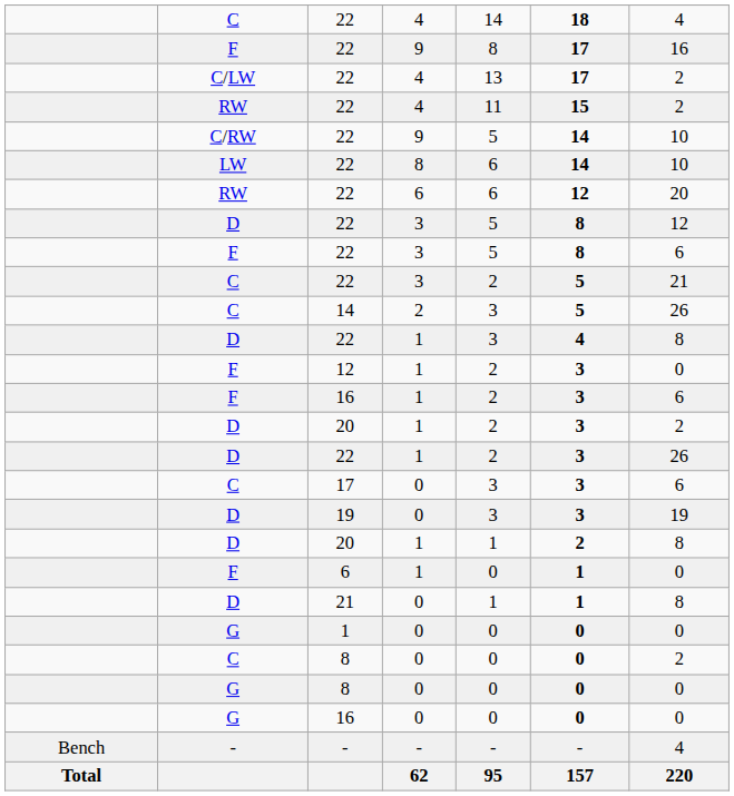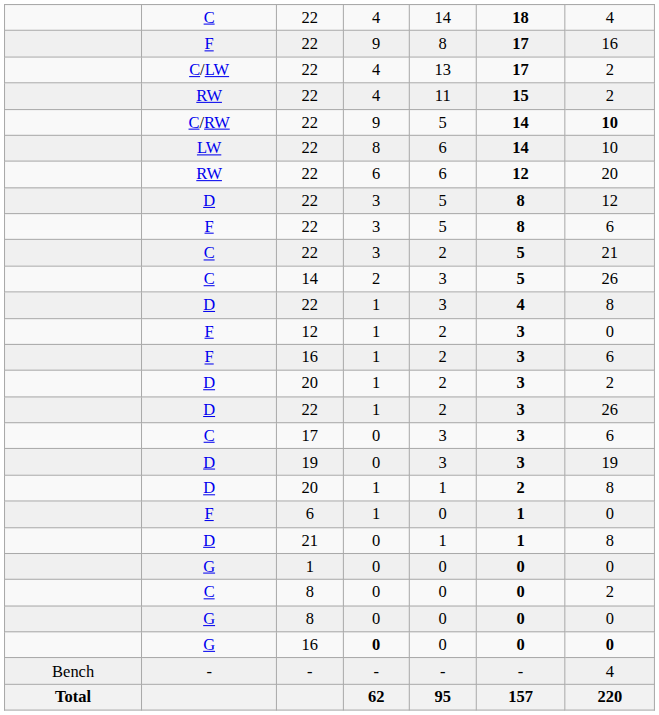 <table class="wikitable sortable" width ="50%">
 <tr align="center">
 </tr>
 <tr align="center" bgcolor="">
 <td></td>
 <td><a href='#'>C</a></td>
 <td>22</td>
 <td>4</td>
 <td>14</td>
 <td><strong>18</strong></td>
 <td>4</td>
 </tr>
 <tr align="center" bgcolor="f0f0f0">
 <td></td>
 <td><a href='#'>F</a></td>
 <td>22</td>
 <td>9</td>
 <td>8</td>
 <td><strong>17</strong></td>
 <td>16</td>
 </tr>
 <tr align="center" bgcolor="">
 <td></td>
 <td><a href='#'>C</a>/<a href='#'>LW</a></td>
 <td>22</td>
 <td>4</td>
 <td>13</td>
 <td><strong>17</strong></td>
 <td>2</td>
 </tr>
 <tr align="center" bgcolor="f0f0f0">
 <td></td>
 <td><a href='#'>RW</a></td>
 <td>22</td>
 <td>4</td>
 <td>11</td>
 <td><strong>15</strong></td>
 <td>2</td>
 </tr>
 <tr align="center" bgcolor="">
 <td></td>
 <td><a href='#'>C</a>/<a href='#'>RW</a></td>
 <td>22</td>
 <td>9</td>
 <td>5</td>
 <td><strong>14</strong></td>
-<td>10</td>
+<td><strong>10</strong></td>
 </tr>
 <tr align="center" bgcolor="f0f0f0">
 <td></td>
 <td><a href='#'>LW</a></td>
 <td>22</td>
 <td>8</td>
 <td>6</td>
 <td><strong>14</strong></td>
 <td>10</td>
 </tr>
 <tr align="center" bgcolor="">
 <td></td>
 <td><a href='#'>RW</a></td>
 <td>22</td>
 <td>6</td>
 <td>6</td>
 <td><strong>12</strong></td>
 <td>20</td>
 </tr>
 <tr align="center" bgcolor="f0f0f0">
 <td></td>
 <td><a href='#'>D</a></td>
 <td>22</td>
 <td>3</td>
 <td>5</td>
 <td><strong>8</strong></td>
 <td>12</td>
 </tr>
 <tr align="center" bgcolor="">
 <td></td>
 <td><a href='#'>F</a></td>
 <td>22</td>
 <td>3</td>
 <td>5</td>
 <td><strong>8</strong></td>
 <td>6</td>
 </tr>
 <tr align="center" bgcolor="f0f0f0">
 <td></td>
 <td><a href='#'>C</a></td>
 <td>22</td>
 <td>3</td>
 <td>2</td>
 <td><strong>5</strong></td>
 <td>21</td>
 </tr>
 <tr align="center" bgcolor="">
 <td></td>
 <td><a href='#'>C</a></td>
 <td>14</td>
 <td>2</td>
 <td>3</td>
 <td><strong>5</strong></td>
 <td>26</td>
 </tr>
 <tr align="center" bgcolor="f0f0f0">
 <td></td>
 <td><a href='#'>D</a></td>
 <td>22</td>
 <td>1</td>
 <td>3</td>
 <td><strong>4</strong></td>
 <td>8</td>
 </tr>
 <tr align="center" bgcolor="">
 <td></td>
 <td><a href='#'>F</a></td>
 <td>12</td>
 <td>1</td>
 <td>2</td>
 <td><strong>3</strong></td>
 <td>0</td>
 </tr>
 <tr align="center" bgcolor="f0f0f0">
 <td></td>
 <td><a href='#'>F</a></td>
 <td>16</td>
 <td>1</td>
 <td>2</td>
 <td><strong>3</strong></td>
 <td>6</td>
 </tr>
 <tr align="center" bgcolor="">
 <td></td>
 <td><a href='#'>D</a></td>
 <td>20</td>
 <td>1</td>
 <td>2</td>
 <td><strong>3</strong></td>
 <td>2</td>
 </tr>
 <tr align="center" bgcolor="f0f0f0">
 <td></td>
 <td><a href='#'>D</a></td>
 <td>22</td>
 <td>1</td>
 <td>2</td>
 <td><strong>3</strong></td>
 <td>26</td>
 </tr>
 <tr align="center" bgcolor="">
 <td></td>
 <td><a href='#'>C</a></td>
 <td>17</td>
 <td>0</td>
 <td>3</td>
 <td><strong>3</strong></td>
 <td>6</td>
 </tr>
 <tr align="center" bgcolor="f0f0f0">
 <td></td>
 <td><a href='#'>D</a></td>
 <td>19</td>
 <td>0</td>
 <td>3</td>
 <td><strong>3</strong></td>
 <td>19</td>
 </tr>
 <tr align="center" bgcolor="">
 <td></td>
 <td><a href='#'>D</a></td>
 <td>20</td>
 <td>1</td>
 <td>1</td>
 <td><strong>2</strong></td>
 <td>8</td>
 </tr>
 <tr align="center" bgcolor="f0f0f0">
 <td></td>
 <td><a href='#'>F</a></td>
 <td>6</td>
 <td>1</td>
 <td>0</td>
 <td><strong>1</strong></td>
 <td>0</td>
 </tr>
 <tr align="center" bgcolor="">
 <td></td>
 <td><a href='#'>D</a></td>
 <td>21</td>
 <td>0</td>
 <td>1</td>
 <td><strong>1</strong></td>
 <td>8</td>
 </tr>
 <tr align="center" bgcolor="f0f0f0">
 <td></td>
 <td><a href='#'>G</a></td>
 <td>1</td>
 <td>0</td>
 <td>0</td>
 <td><strong>0</strong></td>
 <td>0</td>
 </tr>
 <tr align="center" bgcolor="">
 <td></td>
 <td><a href='#'>C</a></td>
 <td>8</td>
 <td>0</td>
 <td>0</td>
 <td><strong>0</strong></td>
 <td>2</td>
 </tr>
 <tr align="center" bgcolor="f0f0f0">
 <td></td>
 <td><a href='#'>G</a></td>
 <td>8</td>
 <td>0</td>
 <td>0</td>
 <td><strong>0</strong></td>
 <td>0</td>
 </tr>
 <tr align="center" bgcolor="">
 <td></td>
 <td><a href='#'>G</a></td>
 <td>16</td>
-<td>0</td>
+<td><strong>0</strong></td>
 <td>0</td>
 <td><strong>0</strong></td>
-<td>0</td>
+<td><strong>0</strong></td>
 </tr>
 <tr align="center" bgcolor="f0f0f0">
 <td>Bench</td>
 <td>-</td>
 <td>-</td>
 <td>-</td>
 <td>-</td>
 <td>-</td>
 <td>4</td>
 </tr>
 <tr>
 <th>Total</th>
 <th></th>
 <th></th>
 <th>62</th>
 <th>95</th>
 <th>157</th>
 <th>220</th>
 </tr>
 </table>
